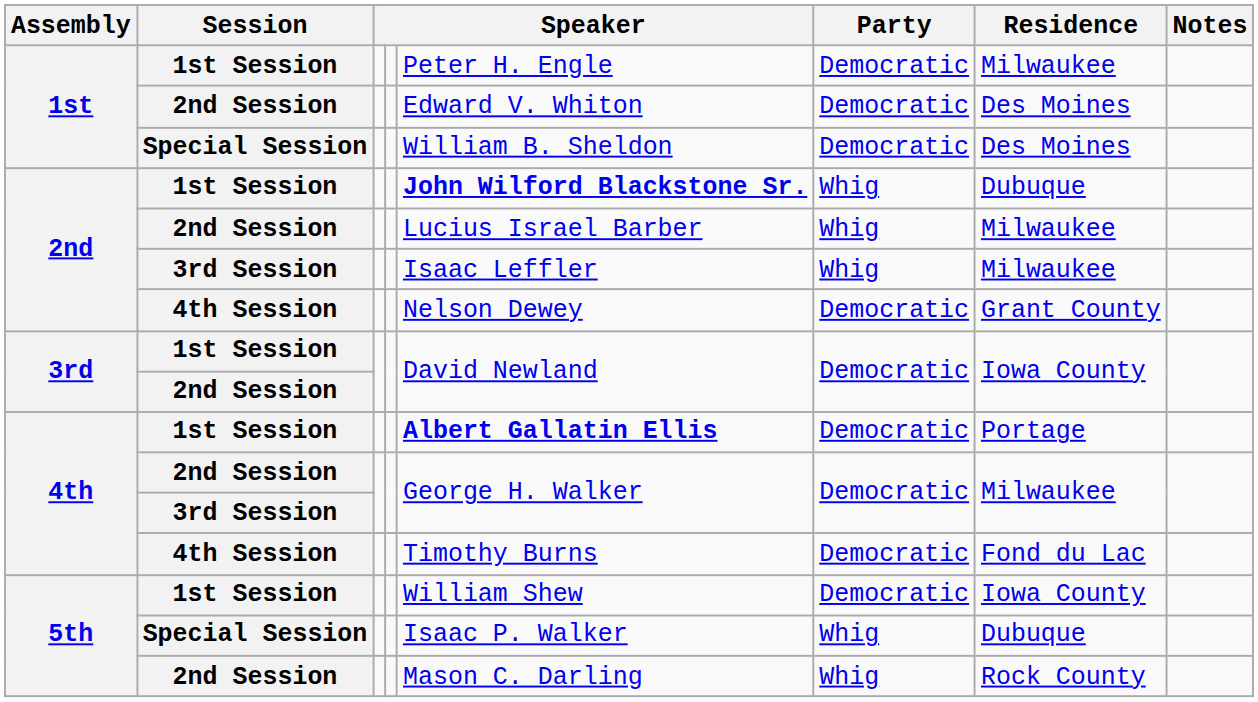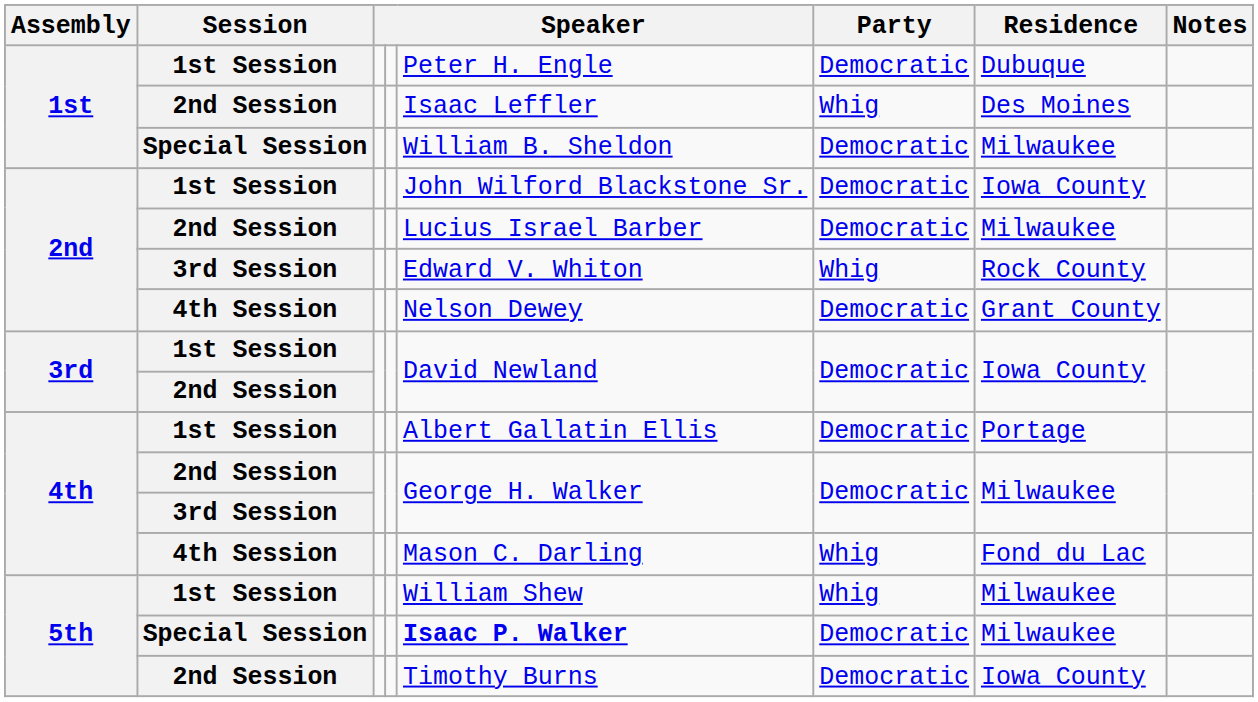 <table class="wikitable">
 <tr>
 <th>Assembly</th>
 <th>Session<br></th>
 <th colspan="3">Speaker</th>
 <th>Party</th>
 <th>Residence</th>
 <th>Notes</th>
 </tr>
 <tr>
 <th rowspan="3"><a href='#'>1st</a></th>
 <th>1st Session<br></th>
 <td></td>
 <td rowspan="1" style="background: "></td>
 <td><a href='#'>Peter H. Engle</a></td>
 <td><a href='#'>Democratic</a></td>
-<td><a href='#'>Milwaukee</a></td>
+<td><a href='#'>Dubuque</a></td>
 <td></td>
 </tr>
 <tr>
 <th>2nd Session<br></th>
 <td></td>
 <td rowspan="1" style="background: "></td>
-<td><a href='#'>Edward V. Whiton</a></td>
-<td><a href='#'>Democratic</a></td>
+<td><a href='#'>Isaac Leffler</a></td>
+<td><a href='#'>Whig</a></td>
 <td><a href='#'>Des Moines</a></td>
 <td></td>
 </tr>
 <tr>
 <th>Special Session<br></th>
 <td></td>
 <td rowspan="1" style="background: "></td>
 <td><a href='#'>William B. Sheldon</a></td>
 <td><a href='#'>Democratic</a></td>
-<td><a href='#'>Des Moines</a></td>
+<td><a href='#'>Milwaukee</a></td>
 <td></td>
 </tr>
 <tr>
 <th rowspan="4"><a href='#'>2nd</a></th>
 <th>1st Session<br></th>
 <td></td>
 <td rowspan="1" style="background: "></td>
-<td><strong><a href='#'>John Wilford Blackstone Sr.</a></strong></td>
-<td><a href='#'>Whig</a></td>
-<td><a href='#'>Dubuque</a></td>
+<td><a href='#'>John Wilford Blackstone Sr.</a></td>
+<td><a href='#'>Democratic</a></td>
+<td><a href='#'>Iowa County</a></td>
 <td></td>
 </tr>
 <tr>
 <th>2nd Session<br></th>
 <td></td>
 <td rowspan="1" style="background: "></td>
 <td><a href='#'>Lucius Israel Barber</a></td>
-<td><a href='#'>Whig</a></td>
+<td><a href='#'>Democratic</a></td>
 <td><a href='#'>Milwaukee</a></td>
 <td></td>
 </tr>
 <tr>
 <th>3rd Session<br></th>
 <td></td>
 <td rowspan="1" style="background: "></td>
-<td><a href='#'>Isaac Leffler</a></td>
+<td><a href='#'>Edward V. Whiton</a></td>
 <td><a href='#'>Whig</a></td>
-<td><a href='#'>Milwaukee</a></td>
+<td><a href='#'>Rock County</a></td>
 <td></td>
 </tr>
 <tr>
 <th>4th Session<br></th>
 <td></td>
 <td rowspan="1" style="background: "></td>
 <td><a href='#'>Nelson Dewey</a></td>
 <td><a href='#'>Democratic</a></td>
 <td><a href='#'>Grant County</a></td>
 <td></td>
 </tr>
 <tr>
 <th rowspan="2"><a href='#'>3rd</a></th>
 <th>1st Session<br></th>
 <td rowspan="2"></td>
 <td rowspan="2" style="background: "></td>
 <td rowspan="2"><a href='#'>David Newland</a></td>
 <td rowspan="2"><a href='#'>Democratic</a></td>
 <td rowspan="2"><a href='#'>Iowa County</a></td>
 <td rowspan="2"></td>
 </tr>
 <tr>
 <th>2nd Session<br></th>
 </tr>
 <tr>
 <th rowspan="4"><a href='#'>4th</a></th>
 <th>1st Session<br></th>
 <td></td>
 <td rowspan="1" style="background: "></td>
-<td><strong><a href='#'>Albert Gallatin Ellis</a></strong></td>
+<td><a href='#'>Albert Gallatin Ellis</a></td>
 <td><a href='#'>Democratic</a></td>
 <td><a href='#'>Portage</a></td>
 <td></td>
 </tr>
 <tr>
 <th>2nd Session<br></th>
 <td rowspan="2"></td>
 <td rowspan="2" style="background: "></td>
 <td rowspan="2"><a href='#'>George H. Walker</a></td>
 <td rowspan="2"><a href='#'>Democratic</a></td>
 <td rowspan="2"><a href='#'>Milwaukee</a></td>
 <td rowspan="2"></td>
 </tr>
 <tr>
 <th>3rd Session<br></th>
 </tr>
 <tr>
 <th>4th Session<br></th>
 <td></td>
 <td rowspan="1" style="background: "></td>
-<td><a href='#'>Timothy Burns</a></td>
-<td><a href='#'>Democratic</a></td>
+<td><a href='#'>Mason C. Darling</a></td>
+<td><a href='#'>Whig</a></td>
 <td><a href='#'>Fond du Lac</a></td>
 <td></td>
 </tr>
 <tr>
 <th rowspan="3"><a href='#'>5th</a></th>
 <th>1st Session<br></th>
 <td></td>
 <td rowspan="1" style="background: "></td>
 <td><a href='#'>William Shew</a></td>
-<td><a href='#'>Democratic</a></td>
-<td><a href='#'>Iowa County</a></td>
+<td><a href='#'>Whig</a></td>
+<td><a href='#'>Milwaukee</a></td>
 <td></td>
 </tr>
 <tr>
 <th>Special Session<br></th>
 <td></td>
 <td rowspan="1" style="background: "></td>
-<td><a href='#'>Isaac P. Walker</a></td>
-<td><a href='#'>Whig</a></td>
-<td><a href='#'>Dubuque</a></td>
+<td><strong><a href='#'>Isaac P. Walker</a></strong></td>
+<td><a href='#'>Democratic</a></td>
+<td><a href='#'>Milwaukee</a></td>
 <td></td>
 </tr>
 <tr>
 <th>2nd Session<br></th>
 <td></td>
 <td rowspan="1" style="background: "></td>
-<td><a href='#'>Mason C. Darling</a></td>
-<td><a href='#'>Whig</a></td>
-<td><a href='#'>Rock County</a></td>
+<td><a href='#'>Timothy Burns</a></td>
+<td><a href='#'>Democratic</a></td>
+<td><a href='#'>Iowa County</a></td>
 <td></td>
 </tr>
 </table>
